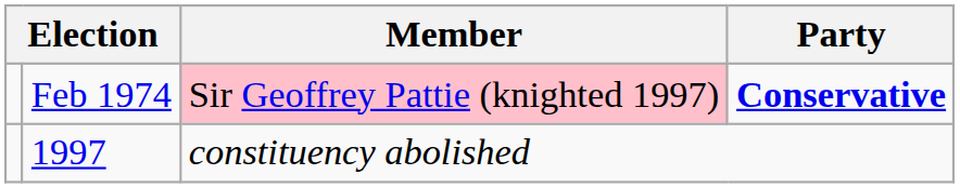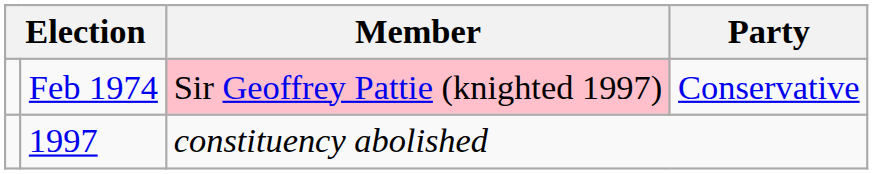 <table class="wikitable">
 <tr>
 <th colspan="2">Election</th>
 <th>Member</th>
 <th>Party</th>
 </tr>
 <tr>
 <td style="color:inherit;background-color: "></td>
 <td><a href='#'>Feb 1974</a></td>
 <td style="background: pink;">Sir <a href='#'>Geoffrey Pattie</a> (knighted 1997)</td>
-<td><strong><a href='#'>Conservative</a></strong></td>
+<td><a href='#'>Conservative</a></td>
 </tr>
 <tr>
 <td></td>
 <td><a href='#'>1997</a></td>
 <td colspan="2"><em>constituency abolished</em></td>
 </tr>
 </table>
